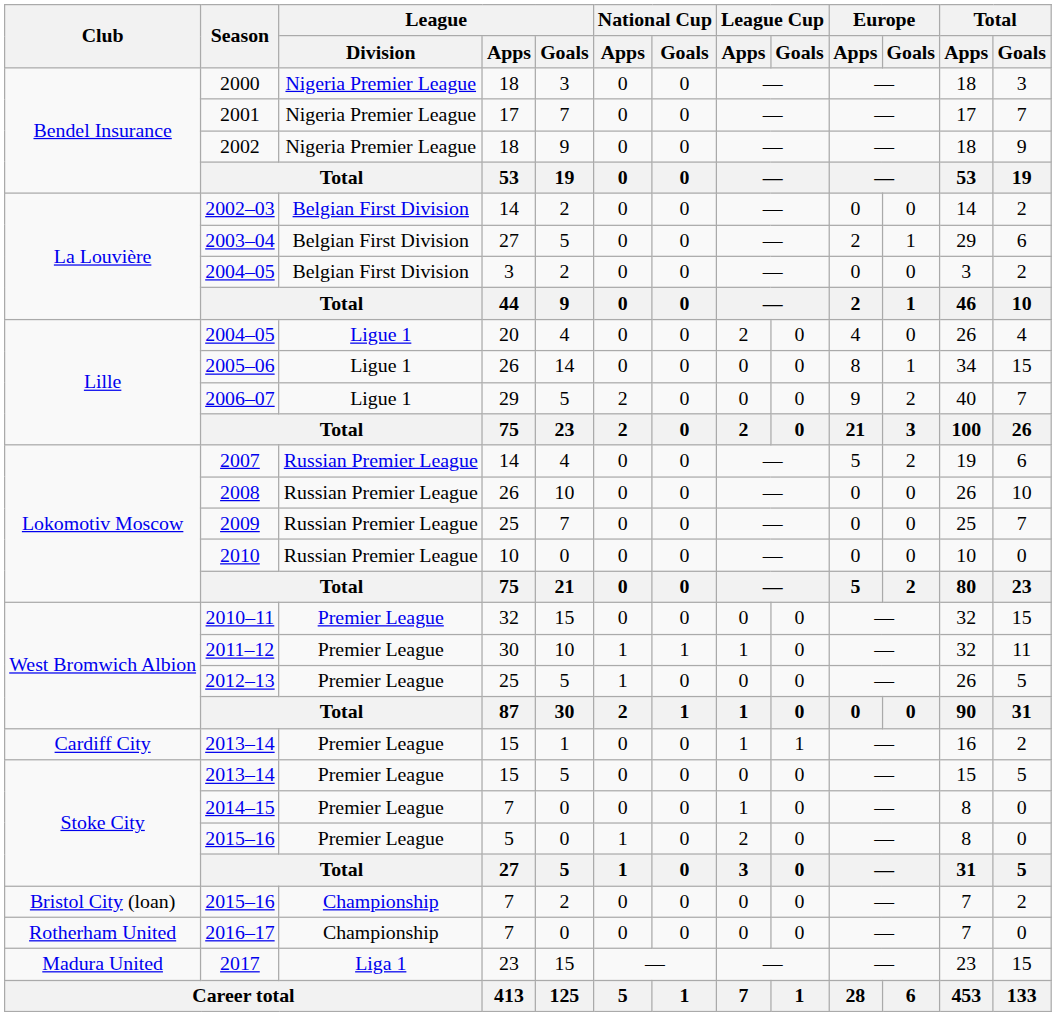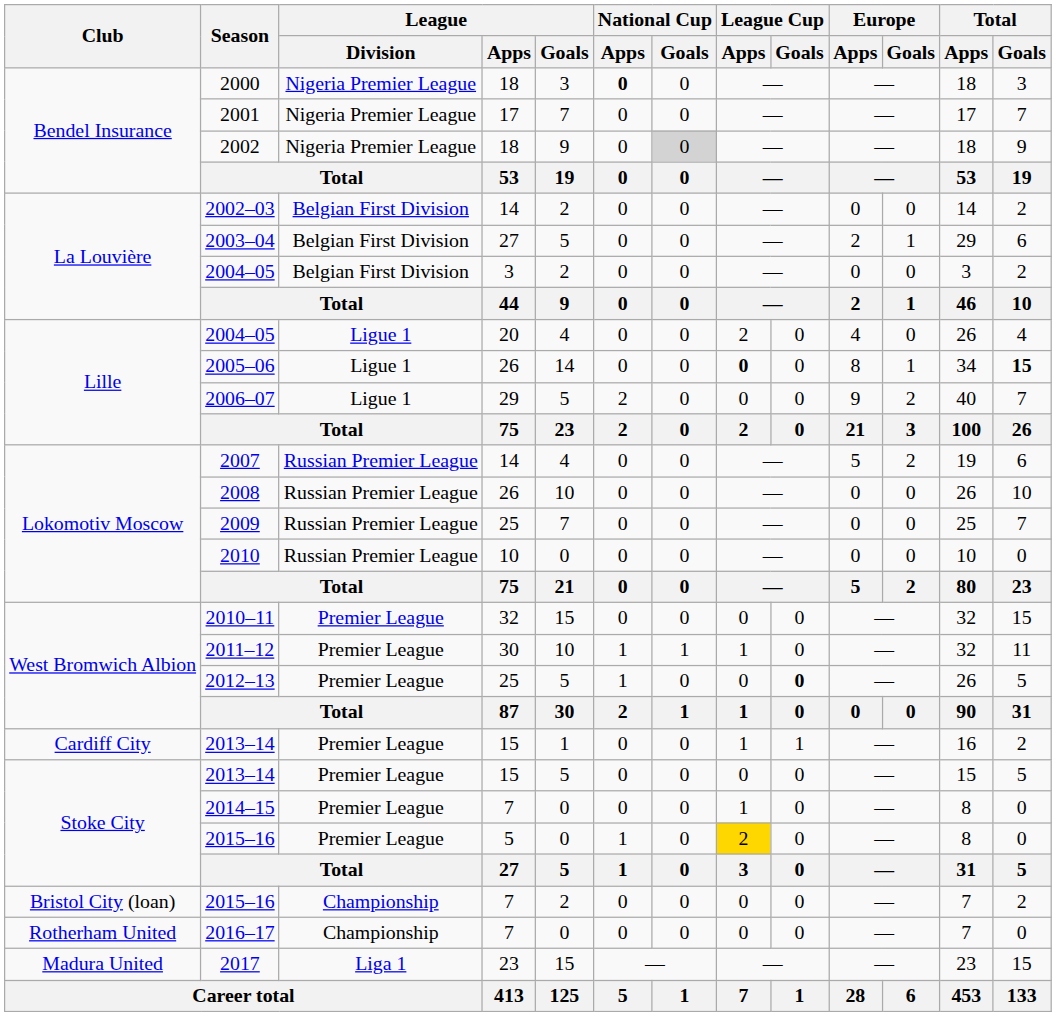 <table class="wikitable" style="text-align: center">
 <tr>
 <th rowspan="2">Club</th>
 <th rowspan="2">Season</th>
 <th colspan="3">League</th>
 <th colspan="2">National Cup</th>
 <th colspan="2">League Cup</th>
 <th colspan="2">Europe</th>
 <th colspan="2">Total</th>
 </tr>
 <tr>
 <th>Division</th>
 <th>Apps</th>
 <th>Goals</th>
 <th>Apps</th>
 <th>Goals</th>
 <th>Apps</th>
 <th>Goals</th>
 <th>Apps</th>
 <th>Goals</th>
 <th>Apps</th>
 <th>Goals</th>
 </tr>
 <tr>
 <td rowspan=4><a href='#'>Bendel Insurance</a></td>
 <td>2000</td>
 <td><a href='#'>Nigeria Premier League</a></td>
 <td>18</td>
 <td>3</td>
-<td>0</td>
+<td><strong>0</strong></td>
 <td>0</td>
 <td colspan="2">—</td>
 <td colspan="2">—</td>
 <td>18</td>
 <td>3</td>
 </tr>
 <tr>
 <td>2001</td>
 <td>Nigeria Premier League</td>
 <td>17</td>
 <td>7</td>
 <td>0</td>
 <td>0</td>
 <td colspan="2">—</td>
 <td colspan="2">—</td>
 <td>17</td>
 <td>7</td>
 </tr>
 <tr>
 <td>2002</td>
 <td>Nigeria Premier League</td>
 <td>18</td>
 <td>9</td>
 <td>0</td>
-<td>0</td>
+<td style="background: lightgrey;">0</td>
 <td colspan="2">—</td>
 <td colspan="2">—</td>
 <td>18</td>
 <td>9</td>
 </tr>
 <tr>
 <th colspan="2">Total</th>
 <th>53</th>
 <th>19</th>
 <th>0</th>
 <th>0</th>
 <th colspan="2">—</th>
 <th colspan="2">—</th>
 <th>53</th>
 <th>19</th>
 </tr>
 <tr>
 <td rowspan="4"><a href='#'>La Louvière</a></td>
 <td><a href='#'>2002–03</a></td>
 <td><a href='#'>Belgian First Division</a></td>
 <td>14</td>
 <td>2</td>
 <td>0</td>
 <td>0</td>
 <td colspan="2">—</td>
 <td>0</td>
 <td>0</td>
 <td>14</td>
 <td>2</td>
 </tr>
 <tr>
 <td><a href='#'>2003–04</a></td>
 <td>Belgian First Division</td>
 <td>27</td>
 <td>5</td>
 <td>0</td>
 <td>0</td>
 <td colspan="2">—</td>
 <td>2</td>
 <td>1</td>
 <td>29</td>
 <td>6</td>
 </tr>
 <tr>
 <td><a href='#'>2004–05</a></td>
 <td>Belgian First Division</td>
 <td>3</td>
 <td>2</td>
 <td>0</td>
 <td>0</td>
 <td colspan="2">—</td>
 <td>0</td>
 <td>0</td>
 <td>3</td>
 <td>2</td>
 </tr>
 <tr>
 <th colspan="2">Total</th>
 <th>44</th>
 <th>9</th>
 <th>0</th>
 <th>0</th>
 <th colspan="2">—</th>
 <th>2</th>
 <th>1</th>
 <th>46</th>
 <th>10</th>
 </tr>
 <tr>
 <td rowspan="4"><a href='#'>Lille</a></td>
 <td><a href='#'>2004–05</a></td>
 <td><a href='#'>Ligue 1</a></td>
 <td>20</td>
 <td>4</td>
 <td>0</td>
 <td>0</td>
 <td>2</td>
 <td>0</td>
 <td>4</td>
 <td>0</td>
 <td>26</td>
 <td>4</td>
 </tr>
 <tr>
 <td><a href='#'>2005–06</a></td>
 <td>Ligue 1</td>
 <td>26</td>
 <td>14</td>
 <td>0</td>
 <td>0</td>
-<td>0</td>
+<td><strong>0</strong></td>
 <td>0</td>
 <td>8</td>
 <td>1</td>
 <td>34</td>
-<td>15</td>
+<td><strong>15</strong></td>
 </tr>
 <tr>
 <td><a href='#'>2006–07</a></td>
 <td>Ligue 1</td>
 <td>29</td>
 <td>5</td>
 <td>2</td>
 <td>0</td>
 <td>0</td>
 <td>0</td>
 <td>9</td>
 <td>2</td>
 <td>40</td>
 <td>7</td>
 </tr>
 <tr>
 <th colspan="2">Total</th>
 <th>75</th>
 <th>23</th>
 <th>2</th>
 <th>0</th>
 <th>2</th>
 <th>0</th>
 <th>21</th>
 <th>3</th>
 <th>100</th>
 <th>26</th>
 </tr>
 <tr>
 <td rowspan="5"><a href='#'>Lokomotiv Moscow</a></td>
 <td><a href='#'>2007</a></td>
 <td><a href='#'>Russian Premier League</a></td>
 <td>14</td>
 <td>4</td>
 <td>0</td>
 <td>0</td>
 <td colspan="2">—</td>
 <td>5</td>
 <td>2</td>
 <td>19</td>
 <td>6</td>
 </tr>
 <tr>
 <td><a href='#'>2008</a></td>
 <td>Russian Premier League</td>
 <td>26</td>
 <td>10</td>
 <td>0</td>
 <td>0</td>
 <td colspan="2">—</td>
 <td>0</td>
 <td>0</td>
 <td>26</td>
 <td>10</td>
 </tr>
 <tr>
 <td><a href='#'>2009</a></td>
 <td>Russian Premier League</td>
 <td>25</td>
 <td>7</td>
 <td>0</td>
 <td>0</td>
 <td colspan="2">—</td>
 <td>0</td>
 <td>0</td>
 <td>25</td>
 <td>7</td>
 </tr>
 <tr>
 <td><a href='#'>2010</a></td>
 <td>Russian Premier League</td>
 <td>10</td>
 <td>0</td>
 <td>0</td>
 <td>0</td>
 <td colspan="2">—</td>
 <td>0</td>
 <td>0</td>
 <td>10</td>
 <td>0</td>
 </tr>
 <tr>
 <th colspan="2">Total</th>
 <th>75</th>
 <th>21</th>
 <th>0</th>
 <th>0</th>
 <th colspan="2">—</th>
 <th>5</th>
 <th>2</th>
 <th>80</th>
 <th>23</th>
 </tr>
 <tr>
 <td rowspan="4"><a href='#'>West Bromwich Albion</a></td>
 <td><a href='#'>2010–11</a></td>
 <td><a href='#'>Premier League</a></td>
 <td>32</td>
 <td>15</td>
 <td>0</td>
 <td>0</td>
 <td>0</td>
 <td>0</td>
 <td colspan="2">—</td>
 <td>32</td>
 <td>15</td>
 </tr>
 <tr>
 <td><a href='#'>2011–12</a></td>
 <td>Premier League</td>
 <td>30</td>
 <td>10</td>
 <td>1</td>
 <td>1</td>
 <td>1</td>
 <td>0</td>
 <td colspan="2">—</td>
 <td>32</td>
 <td>11</td>
 </tr>
 <tr>
 <td><a href='#'>2012–13</a></td>
 <td>Premier League</td>
 <td>25</td>
 <td>5</td>
 <td>1</td>
 <td>0</td>
 <td>0</td>
-<td>0</td>
+<td><strong>0</strong></td>
 <td colspan="2">—</td>
 <td>26</td>
 <td>5</td>
 </tr>
 <tr>
 <th colspan="2">Total</th>
 <th>87</th>
 <th>30</th>
 <th>2</th>
 <th>1</th>
 <th>1</th>
 <th>0</th>
 <th>0</th>
 <th>0</th>
 <th>90</th>
 <th>31</th>
 </tr>
 <tr>
 <td><a href='#'>Cardiff City</a></td>
 <td><a href='#'>2013–14</a></td>
 <td>Premier League</td>
 <td>15</td>
 <td>1</td>
 <td>0</td>
 <td>0</td>
 <td>1</td>
 <td>1</td>
 <td colspan="2">—</td>
 <td>16</td>
 <td>2</td>
 </tr>
 <tr>
 <td rowspan="4"><a href='#'>Stoke City</a></td>
 <td><a href='#'>2013–14</a></td>
 <td>Premier League</td>
 <td>15</td>
 <td>5</td>
 <td>0</td>
 <td>0</td>
 <td>0</td>
 <td>0</td>
 <td colspan="2">—</td>
 <td>15</td>
 <td>5</td>
 </tr>
 <tr>
 <td><a href='#'>2014–15</a></td>
 <td>Premier League</td>
 <td>7</td>
 <td>0</td>
 <td>0</td>
 <td>0</td>
 <td>1</td>
 <td>0</td>
 <td colspan="2">—</td>
 <td>8</td>
 <td>0</td>
 </tr>
 <tr>
 <td><a href='#'>2015–16</a></td>
 <td>Premier League</td>
 <td>5</td>
 <td>0</td>
 <td>1</td>
 <td>0</td>
-<td>2</td>
+<td style="background: gold;">2</td>
 <td>0</td>
 <td colspan="2">—</td>
 <td>8</td>
 <td>0</td>
 </tr>
 <tr>
 <th colspan="2">Total</th>
 <th>27</th>
 <th>5</th>
 <th>1</th>
 <th>0</th>
 <th>3</th>
 <th>0</th>
 <th colspan="2">—</th>
 <th>31</th>
 <th>5</th>
 </tr>
 <tr>
 <td><a href='#'>Bristol City</a> (loan)</td>
 <td><a href='#'>2015–16</a></td>
 <td><a href='#'>Championship</a></td>
 <td>7</td>
 <td>2</td>
 <td>0</td>
 <td>0</td>
 <td>0</td>
 <td>0</td>
 <td colspan="2">—</td>
 <td>7</td>
 <td>2</td>
 </tr>
 <tr>
 <td><a href='#'>Rotherham United</a></td>
 <td><a href='#'>2016–17</a></td>
 <td>Championship</td>
 <td>7</td>
 <td>0</td>
 <td>0</td>
 <td>0</td>
 <td>0</td>
 <td>0</td>
 <td colspan="2">—</td>
 <td>7</td>
 <td>0</td>
 </tr>
 <tr>
 <td><a href='#'>Madura United</a></td>
 <td><a href='#'>2017</a></td>
 <td><a href='#'>Liga 1</a></td>
 <td>23</td>
 <td>15</td>
 <td colspan="2">—</td>
 <td colspan="2">—</td>
 <td colspan="2">—</td>
 <td>23</td>
 <td>15</td>
 </tr>
 <tr>
 <th colspan="3">Career total</th>
 <th>413</th>
 <th>125</th>
 <th>5</th>
 <th>1</th>
 <th>7</th>
 <th>1</th>
 <th>28</th>
 <th>6</th>
 <th>453</th>
 <th>133</th>
 </tr>
 </table>
